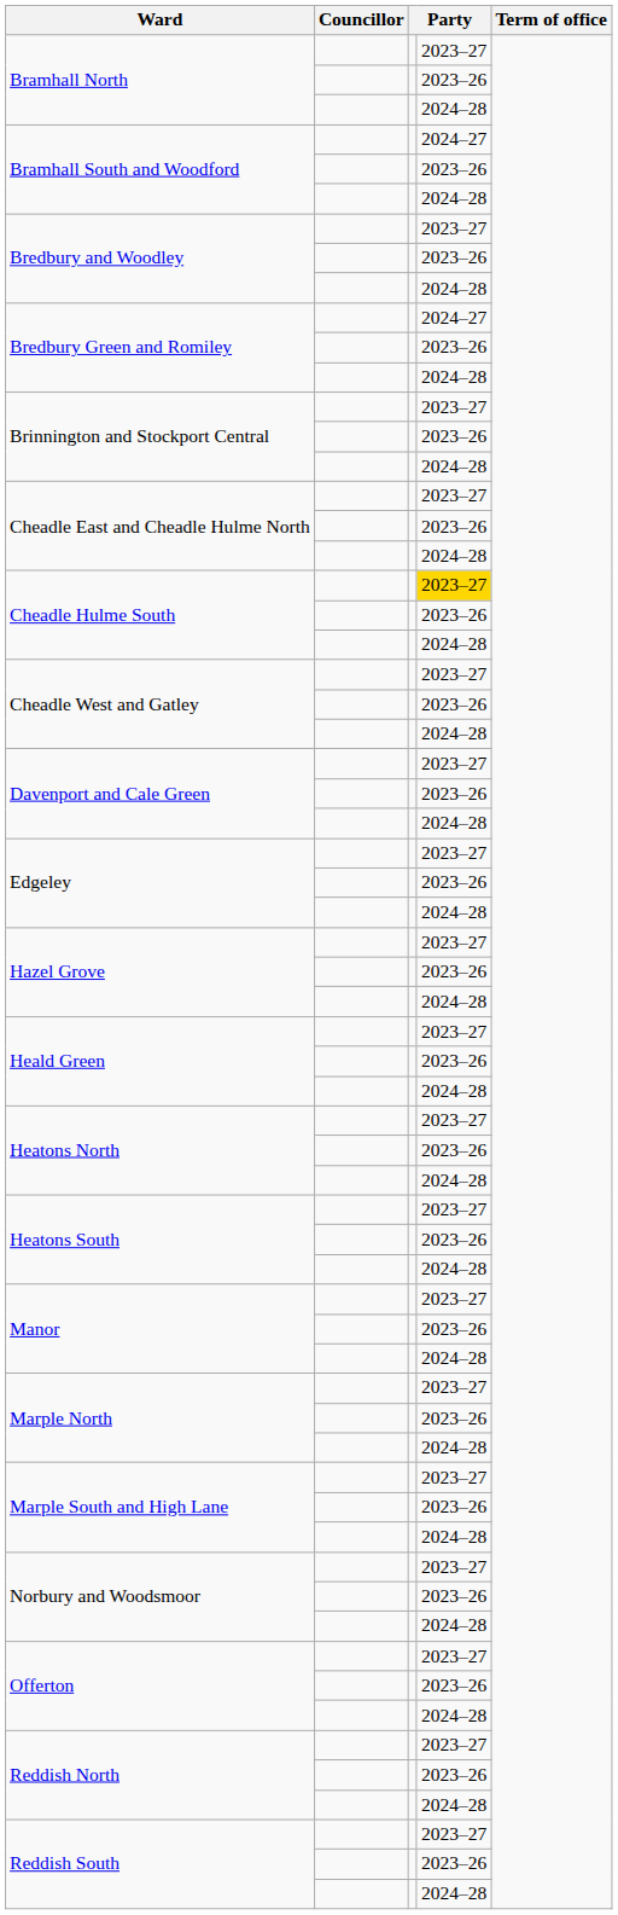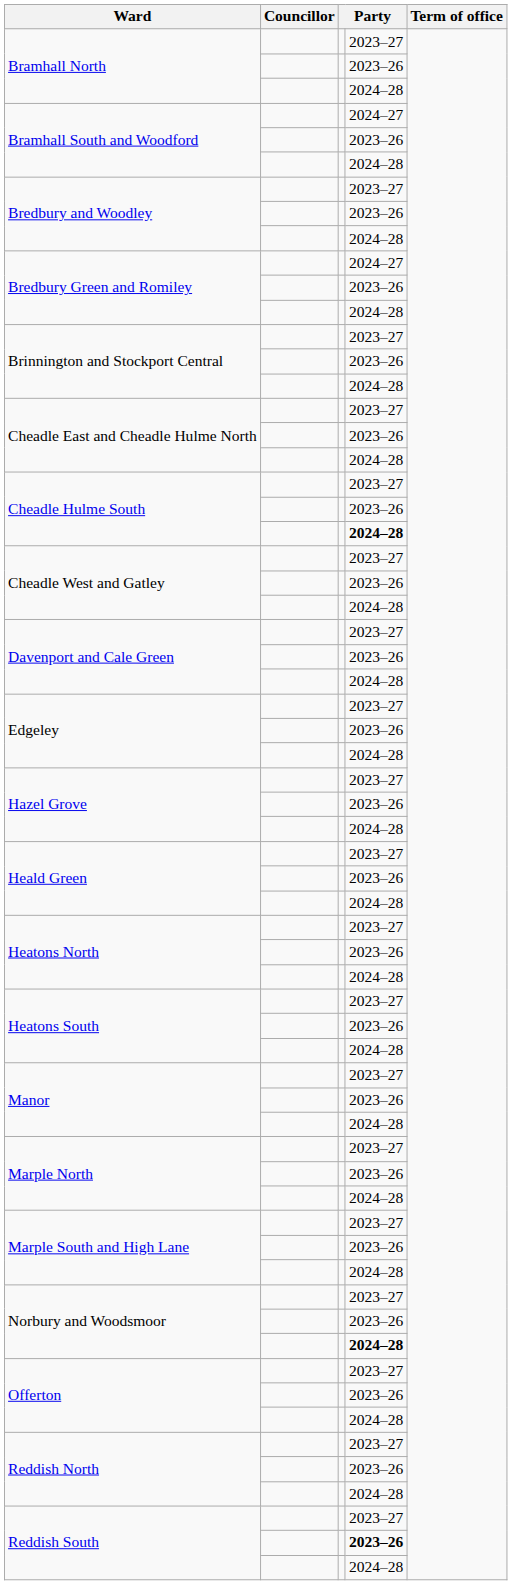 <table class="wikitable sortable">
 <tr>
 <th class=unsortable>Ward</th>
 <th>Councillor</th>
 <th colspan=2>Party</th>
 <th>Term of office</th>
 </tr>
 <tr>
 <td rowspan="3"><a href='#'>Bramhall North</a></td>
 <td></td>
 <td></td>
 <td>2023–27</td>
 </tr>
 <tr>
 <td></td>
 <td></td>
 <td>2023–26</td>
 </tr>
 <tr>
 <td></td>
 <td></td>
 <td>2024–28</td>
 </tr>
 <tr>
 <td rowspan="3"><a href='#'>Bramhall South and Woodford</a></td>
 <td></td>
 <td></td>
 <td>2024–27</td>
 </tr>
 <tr>
 <td></td>
 <td></td>
 <td>2023–26</td>
 </tr>
 <tr>
 <td></td>
 <td></td>
 <td>2024–28</td>
 </tr>
 <tr>
 <td rowspan="3"><a href='#'>Bredbury and Woodley</a></td>
 <td></td>
 <td></td>
 <td>2023–27</td>
 </tr>
 <tr>
 <td></td>
 <td></td>
 <td>2023–26</td>
 </tr>
 <tr>
 <td></td>
 <td></td>
 <td>2024–28</td>
 </tr>
 <tr>
 <td rowspan="3"><a href='#'>Bredbury Green and Romiley</a></td>
 <td></td>
 <td></td>
 <td>2024–27</td>
 </tr>
 <tr>
 <td></td>
 <td></td>
 <td>2023–26</td>
 </tr>
 <tr>
 <td></td>
 <td></td>
 <td>2024–28</td>
 </tr>
 <tr>
 <td rowspan="3">Brinnington and Stockport Central</td>
 <td></td>
 <td></td>
 <td>2023–27</td>
 </tr>
 <tr>
 <td></td>
 <td></td>
 <td>2023–26</td>
 </tr>
 <tr>
 <td></td>
 <td></td>
 <td>2024–28</td>
 </tr>
 <tr>
 <td rowspan="3">Cheadle East and Cheadle Hulme North</td>
 <td></td>
 <td></td>
 <td>2023–27</td>
 </tr>
 <tr>
 <td></td>
 <td></td>
 <td>2023–26</td>
 </tr>
 <tr>
 <td></td>
 <td></td>
 <td>2024–28</td>
 </tr>
 <tr>
 <td rowspan="3"><a href='#'>Cheadle Hulme South</a></td>
 <td></td>
 <td></td>
-<td style="background: gold;">2023–27</td>
+<td>2023–27</td>
 </tr>
 <tr>
 <td></td>
 <td></td>
 <td>2023–26</td>
 </tr>
 <tr>
 <td></td>
 <td></td>
-<td>2024–28</td>
+<td><strong>2024–28</strong></td>
 </tr>
 <tr>
 <td rowspan="3">Cheadle West and Gatley</td>
 <td></td>
 <td></td>
 <td>2023–27</td>
 </tr>
 <tr>
 <td></td>
 <td></td>
 <td>2023–26</td>
 </tr>
 <tr>
 <td></td>
 <td></td>
 <td>2024–28</td>
 </tr>
 <tr>
 <td rowspan="3"><a href='#'>Davenport and Cale Green</a></td>
 <td></td>
 <td></td>
 <td>2023–27</td>
 </tr>
 <tr>
 <td></td>
 <td></td>
 <td>2023–26</td>
 </tr>
 <tr>
 <td></td>
 <td></td>
 <td>2024–28</td>
 </tr>
 <tr>
 <td rowspan="3">Edgeley</td>
 <td></td>
 <td></td>
 <td>2023–27</td>
 </tr>
 <tr>
 <td></td>
 <td></td>
 <td>2023–26</td>
 </tr>
 <tr>
 <td></td>
 <td></td>
 <td>2024–28</td>
 </tr>
 <tr>
 <td rowspan="3"><a href='#'>Hazel Grove</a></td>
 <td></td>
 <td></td>
 <td>2023–27</td>
 </tr>
 <tr>
 <td></td>
 <td></td>
 <td>2023–26</td>
 </tr>
 <tr>
 <td></td>
 <td></td>
 <td>2024–28</td>
 </tr>
 <tr>
 <td rowspan="3"><a href='#'>Heald Green</a></td>
 <td></td>
 <td></td>
 <td>2023–27</td>
 </tr>
 <tr>
 <td></td>
 <td></td>
 <td>2023–26</td>
 </tr>
 <tr>
 <td></td>
 <td></td>
 <td>2024–28</td>
 </tr>
 <tr>
 <td rowspan="3"><a href='#'>Heatons North</a></td>
 <td></td>
 <td></td>
 <td>2023–27</td>
 </tr>
 <tr>
 <td></td>
 <td></td>
 <td>2023–26</td>
 </tr>
 <tr>
 <td></td>
 <td></td>
 <td>2024–28</td>
 </tr>
 <tr>
 <td rowspan="3"><a href='#'>Heatons South</a></td>
 <td></td>
 <td></td>
 <td>2023–27</td>
 </tr>
 <tr>
 <td></td>
 <td></td>
 <td>2023–26</td>
 </tr>
 <tr>
 <td></td>
 <td></td>
 <td>2024–28</td>
 </tr>
 <tr>
 <td rowspan="3"><a href='#'>Manor</a></td>
 <td></td>
 <td></td>
 <td>2023–27</td>
 </tr>
 <tr>
 <td></td>
 <td></td>
 <td>2023–26</td>
 </tr>
 <tr>
 <td></td>
 <td></td>
 <td>2024–28</td>
 </tr>
 <tr>
 <td rowspan="3"><a href='#'>Marple North</a></td>
 <td></td>
 <td></td>
 <td>2023–27</td>
 </tr>
 <tr>
 <td></td>
 <td></td>
 <td>2023–26</td>
 </tr>
 <tr>
 <td></td>
 <td></td>
 <td>2024–28</td>
 </tr>
 <tr>
 <td rowspan="3"><a href='#'>Marple South and High Lane</a></td>
 <td></td>
 <td></td>
 <td>2023–27</td>
 </tr>
 <tr>
 <td></td>
 <td></td>
 <td>2023–26</td>
 </tr>
 <tr>
 <td></td>
 <td></td>
 <td>2024–28</td>
 </tr>
 <tr>
 <td rowspan="3">Norbury and Woodsmoor</td>
 <td></td>
 <td></td>
 <td>2023–27</td>
 </tr>
 <tr>
 <td></td>
 <td></td>
 <td>2023–26</td>
 </tr>
 <tr>
 <td></td>
 <td></td>
-<td>2024–28</td>
+<td><strong>2024–28</strong></td>
 </tr>
 <tr>
 <td rowspan="3"><a href='#'>Offerton</a></td>
 <td></td>
 <td></td>
 <td>2023–27</td>
 </tr>
 <tr>
 <td></td>
 <td></td>
 <td>2023–26</td>
 </tr>
 <tr>
 <td></td>
 <td></td>
 <td>2024–28</td>
 </tr>
 <tr>
 <td rowspan="3"><a href='#'>Reddish North</a></td>
 <td></td>
 <td></td>
 <td>2023–27</td>
 </tr>
 <tr>
 <td></td>
 <td></td>
 <td>2023–26</td>
 </tr>
 <tr>
 <td></td>
 <td></td>
 <td>2024–28</td>
 </tr>
 <tr>
 <td rowspan="3"><a href='#'>Reddish South</a></td>
 <td></td>
 <td></td>
 <td>2023–27</td>
 </tr>
 <tr>
 <td></td>
 <td></td>
-<td>2023–26</td>
+<td><strong>2023–26</strong></td>
 </tr>
 <tr>
 <td></td>
 <td></td>
 <td>2024–28</td>
 </tr>
 </table>
